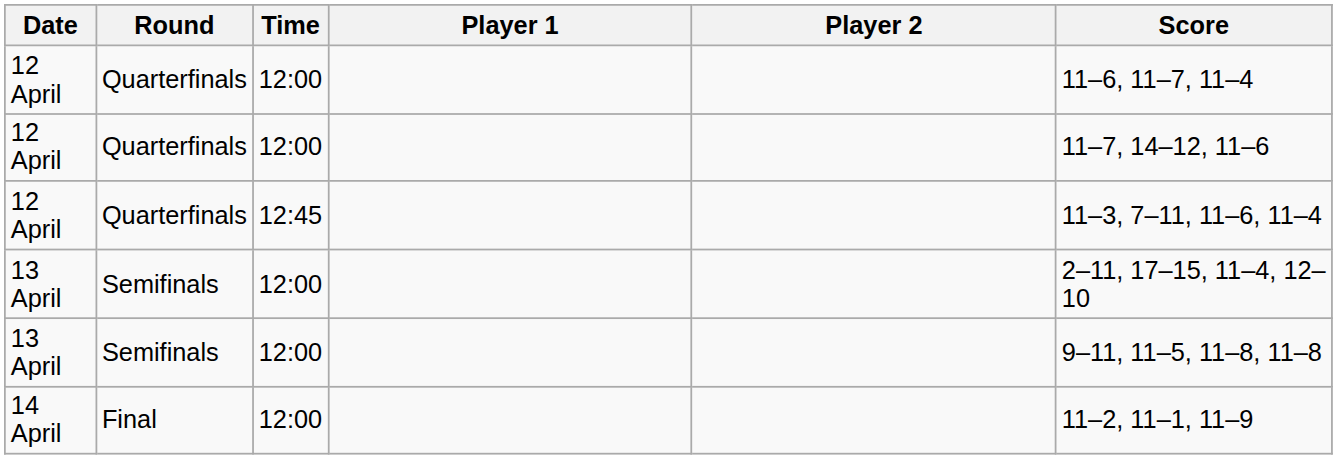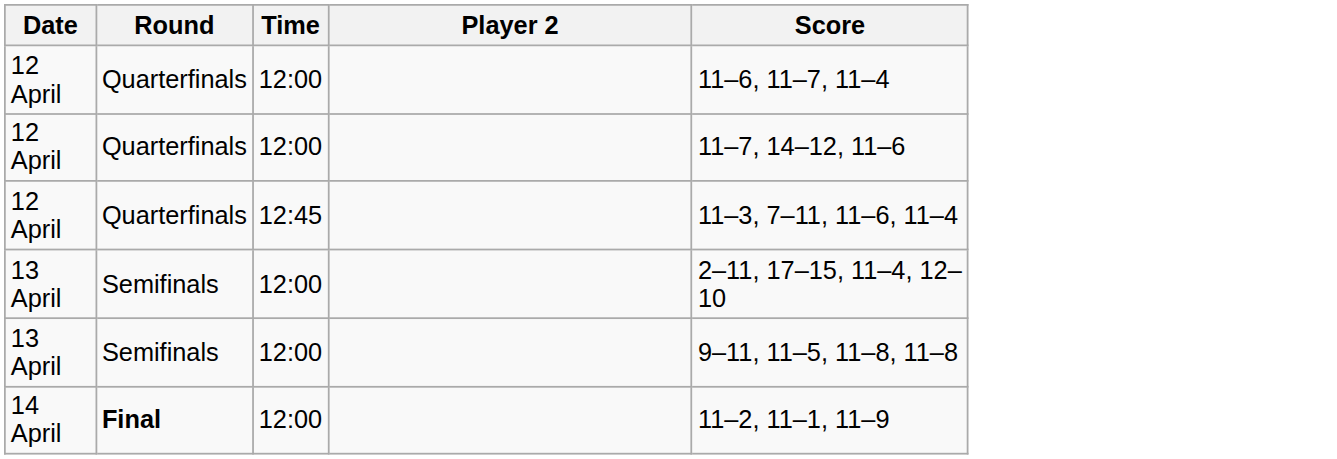 <table class="sortable wikitable" style="font-size:90%">
 <tr>
 <th width="45" class="unsortable">Date</th>
 <th width="55">Round</th>
 <th width="30">Time</th>
-<th width="200">Player 1</th>
 <th width="200">Player 2</th>
 <th width="150" class="unsortable">Score</th>
 </tr>
 <tr>
 <td>12 April</td>
 <td>Quarterfinals</td>
 <td>12:00</td>
-<td></td>
 <td><strong></strong></td>
 <td>11–6, 11–7, 11–4</td>
 </tr>
 <tr>
 <td>12 April</td>
 <td>Quarterfinals</td>
 <td>12:00</td>
-<td><strong></strong></td>
 <td></td>
 <td>11–7, 14–12, 11–6</td>
 </tr>
 <tr>
 <td>12 April</td>
 <td>Quarterfinals</td>
 <td>12:45</td>
-<td></td>
 <td><strong></strong></td>
 <td>11–3, 7–11, 11–6, 11–4</td>
 </tr>
 <tr>
 <td>13 April</td>
 <td>Semifinals</td>
 <td>12:00</td>
-<td></td>
 <td><strong></strong></td>
 <td>2–11, 17–15, 11–4, 12–10</td>
 </tr>
 <tr>
 <td>13 April</td>
 <td>Semifinals</td>
 <td>12:00</td>
-<td></td>
 <td><strong></strong></td>
 <td>9–11, 11–5, 11–8, 11–8</td>
 </tr>
 <tr>
 <td>14 April</td>
-<td>Final</td>
+<td><strong>Final</strong></td>
 <td>12:00</td>
-<td></td>
 <td><strong></strong></td>
 <td>11–2, 11–1, 11–9</td>
 </tr>
 </table>
